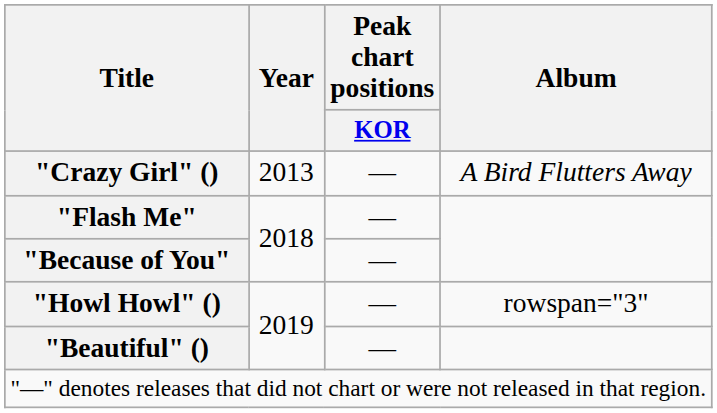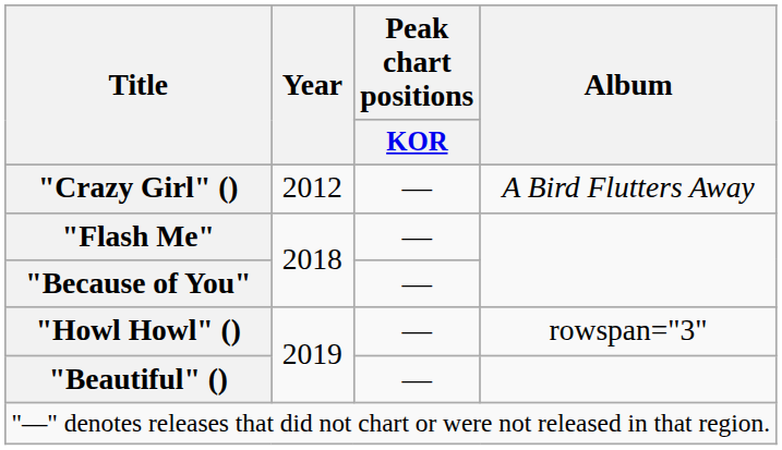 <table class="wikitable plainrowheaders" style="text-align:center;">
 <tr>
 <th scope="col" rowspan="2">Title</th>
 <th scope="col" rowspan="2">Year</th>
 <th scope="col">Peak chart positions</th>
 <th scope="col" rowspan="2">Album</th>
 </tr>
 <tr>
 <th scope="col" style="font-size:90%; width:2.5em"><a href='#'>KOR</a><br></th>
 </tr>
 <tr>
 <th scope="row">"Crazy Girl" ()</th>
-<td>2013</td>
+<td>2012</td>
 <td>—</td>
 <td><em>A Bird Flutters Away</em></td>
 </tr>
 <tr>
 <th scope="row">"Flash Me"</th>
 <td rowspan="2">2018</td>
 <td>—</td>
 </tr>
 <tr>
 <th scope="row">"Because of You"</th>
 <td>—</td>
 </tr>
 <tr>
 <th scope="row">"Howl Howl" ()</th>
 <td rowspan="2">2019</td>
 <td>—</td>
 <td>rowspan="3" </td>
 </tr>
 <tr>
 <th scope="row">"Beautiful" ()</th>
 <td>—</td>
 <td></td>
 </tr>
 <tr>
 <td colspan="4" style="font-size:85%">"—" denotes releases that did not chart or were not released in that region.</td>
 </tr>
 </table>
